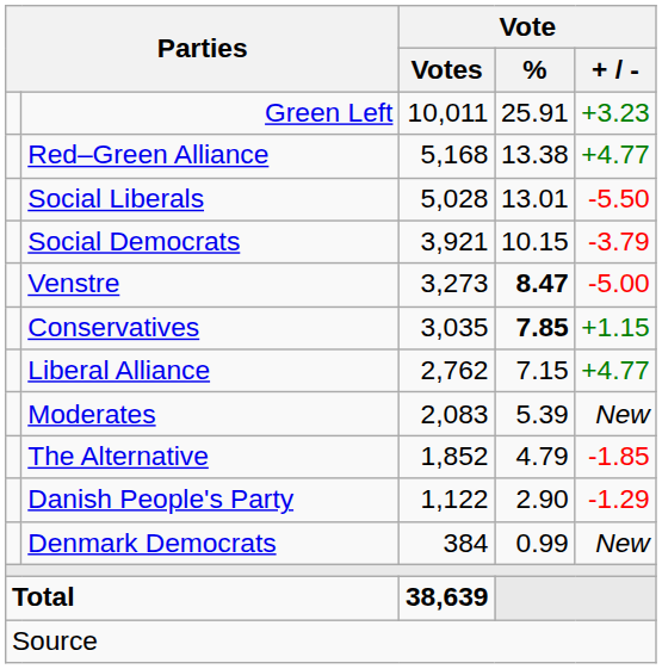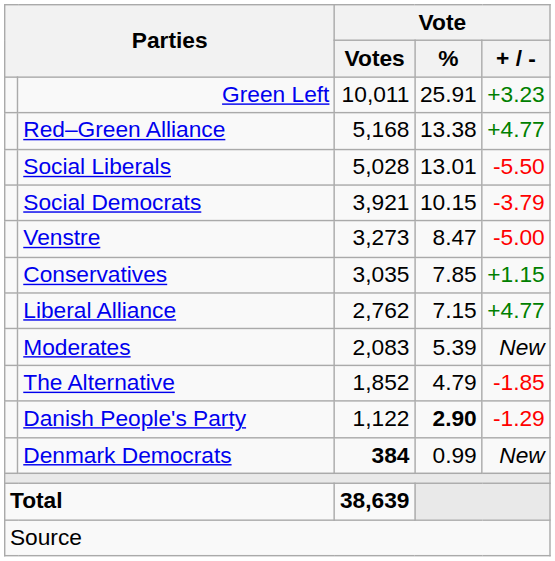 <table class="wikitable" style="text-align:right;">
 <tr>
 <th style="text-align:centre;" rowspan="2" colspan="2" width="225">Parties</th>
 <th colspan="3">Vote</th>
 </tr>
 <tr>
 <th width="15">Votes</th>
 <th width="15">%</th>
 <th width="15">+ / -</th>
 </tr>
 <tr>
 <td width=2 bgcolor=></td>
 <td><a href='#'>Green Left</a></td>
 <td>10,011</td>
 <td>25.91</td>
 <td style=color:green;>+3.23</td>
 </tr>
 <tr>
 <td width=2 bgcolor=></td>
 <td align=left><a href='#'>Red–Green Alliance</a></td>
 <td>5,168</td>
 <td>13.38</td>
 <td style=color:green;>+4.77</td>
 </tr>
 <tr>
 <td width=2 bgcolor=></td>
 <td align=left><a href='#'>Social Liberals</a></td>
 <td>5,028</td>
 <td>13.01</td>
 <td style=color:red;>-5.50</td>
 </tr>
 <tr>
 <td width=2 bgcolor=></td>
 <td align=left><a href='#'>Social Democrats</a></td>
 <td>3,921</td>
 <td>10.15</td>
 <td style=color:red;>-3.79</td>
 </tr>
 <tr>
 <td width=2 bgcolor=></td>
 <td align=left><a href='#'>Venstre</a></td>
 <td>3,273</td>
-<td><strong>8.47</strong></td>
+<td>8.47</td>
 <td style=color:red;>-5.00</td>
 </tr>
 <tr>
 <td width=2 bgcolor=></td>
 <td align=left><a href='#'>Conservatives</a></td>
 <td>3,035</td>
-<td><strong>7.85</strong></td>
+<td>7.85</td>
 <td style=color:green;>+1.15</td>
 </tr>
 <tr>
 <td width=2 bgcolor=></td>
 <td align=left><a href='#'>Liberal Alliance</a></td>
 <td>2,762</td>
 <td>7.15</td>
 <td style=color:green;>+4.77</td>
 </tr>
 <tr>
 <td width=2 bgcolor=></td>
 <td align=left><a href='#'>Moderates</a></td>
 <td>2,083</td>
 <td>5.39</td>
 <td><em>New</em></td>
 </tr>
 <tr>
 <td width=2 bgcolor=></td>
 <td align=left><a href='#'>The Alternative</a></td>
 <td>1,852</td>
 <td>4.79</td>
 <td style=color:red;>-1.85</td>
 </tr>
 <tr>
 <td width=2 bgcolor=></td>
 <td align=left><a href='#'>Danish People's Party</a></td>
 <td>1,122</td>
-<td>2.90</td>
+<td><strong>2.90</strong></td>
 <td style=color:red;>-1.29</td>
 </tr>
 <tr>
 <td width=2 bgcolor=></td>
 <td align=left><a href='#'>Denmark Democrats</a></td>
-<td>384</td>
+<td><strong>384</strong></td>
 <td>0.99</td>
 <td><em>New</em></td>
 </tr>
 <tr>
 <td colspan="7" bgcolor="#E9E9E9"></td>
 </tr>
 <tr>
 <td align="left" colspan="2"><strong>Total</strong></td>
 <td><strong>38,639</strong></td>
 <td bgcolor=#E9E9E9 colspan=2></td>
 </tr>
 <tr>
 <td align="left" colspan="6">Source</td>
 </tr>
 </table>
